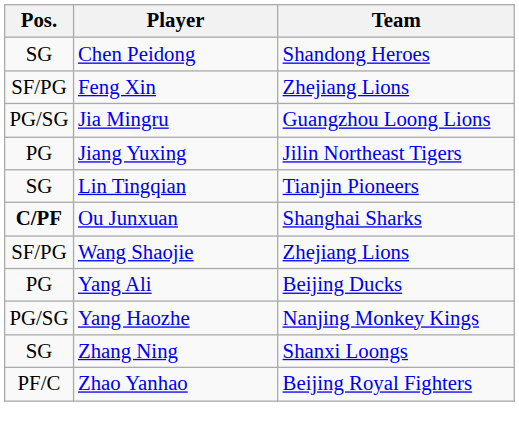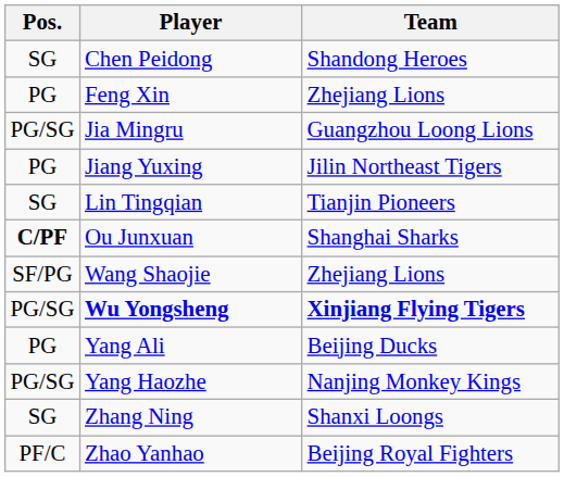 <table class="wikitable sortable">
 <tr>
 <th>Pos.</th>
 <th style="width:150px;">Player</th>
 <th width=175>Team</th>
 </tr>
 <tr>
 <td style="text-align:center">SG</td>
 <td><a href='#'>Chen Peidong</a></td>
 <td><a href='#'>Shandong Heroes</a></td>
 </tr>
 <tr>
-<td style="text-align:center">SF/PG</td>
+<td style="text-align:center">PG</td>
 <td><a href='#'>Feng Xin</a></td>
 <td><a href='#'>Zhejiang Lions</a></td>
 </tr>
 <tr>
 <td style="text-align:center">PG/SG</td>
 <td><a href='#'>Jia Mingru</a></td>
 <td><a href='#'>Guangzhou Loong Lions</a></td>
 </tr>
 <tr>
 <td style="text-align:center">PG</td>
 <td><a href='#'>Jiang Yuxing</a></td>
 <td><a href='#'>Jilin Northeast Tigers</a></td>
 </tr>
 <tr>
 <td style="text-align:center">SG</td>
 <td><a href='#'>Lin Tingqian</a></td>
 <td><a href='#'>Tianjin Pioneers</a></td>
 </tr>
 <tr>
 <td style="text-align:center"><strong>C/PF</strong></td>
 <td><a href='#'>Ou Junxuan</a></td>
 <td><a href='#'>Shanghai Sharks</a></td>
 </tr>
 <tr>
 <td style="text-align:center">SF/PG</td>
 <td><a href='#'>Wang Shaojie</a></td>
 <td><a href='#'>Zhejiang Lions</a></td>
 </tr>
 <tr>
+<td style="text-align:center">PG/SG</td>
+<td><strong><a href='#'>Wu Yongsheng</a></strong></td>
+<td><strong><a href='#'>Xinjiang Flying Tigers</a></strong></td>
+</tr>
+<tr>
 <td style="text-align:center">PG</td>
 <td><a href='#'>Yang Ali</a></td>
 <td><a href='#'>Beijing Ducks</a></td>
 </tr>
 <tr>
 <td style="text-align:center">PG/SG</td>
 <td><a href='#'>Yang Haozhe</a></td>
 <td><a href='#'>Nanjing Monkey Kings</a></td>
 </tr>
 <tr>
 <td style="text-align:center">SG</td>
 <td><a href='#'>Zhang Ning</a></td>
 <td><a href='#'>Shanxi Loongs</a></td>
 </tr>
 <tr>
 <td style="text-align:center">PF/C</td>
 <td><a href='#'>Zhao Yanhao</a></td>
 <td><a href='#'>Beijing Royal Fighters</a></td>
 </tr>
 </table>
